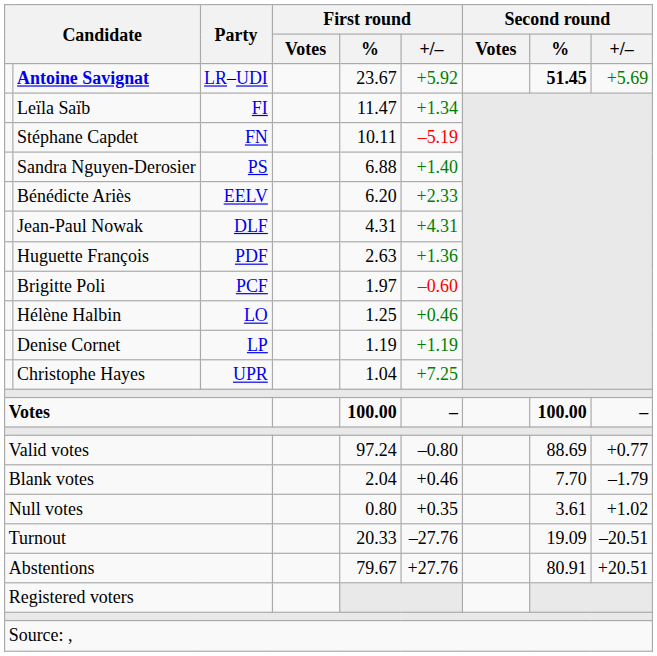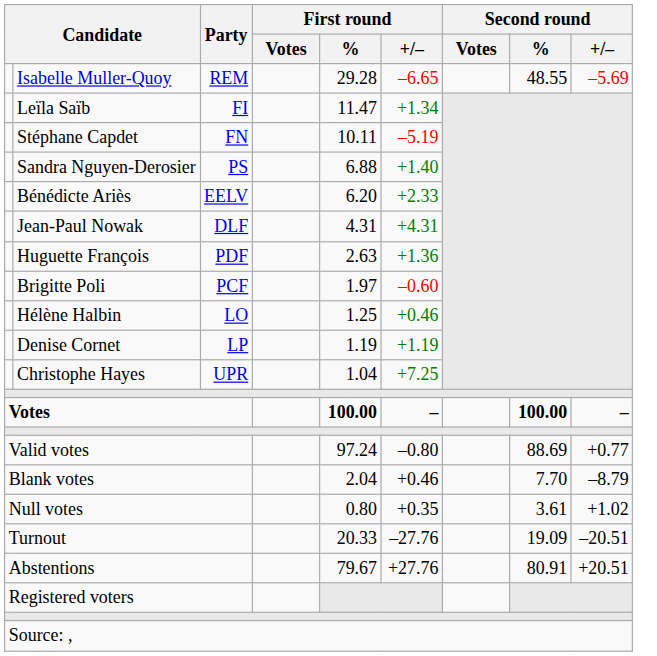 <table class="wikitable" style="text-align:right;font-size:95%;">
 <tr>
 <th rowspan="2" colspan="2">Candidate</th>
 <th rowspan="2">Party</th>
 <th colspan="3">First round</th>
 <th colspan="3">Second round</th>
 </tr>
 <tr>
 <th style="width:50px;">Votes</th>
 <th style="width:45px;">%</th>
 <th style="width:45px;">+/–</th>
 <th style="width:50px;">Votes</th>
 <th style="width:45px;">%</th>
 <th style="width:45px;">+/–</th>
 </tr>
 <tr>
 <td style="color:inherit;background:"></td>
-<td style="text-align:left;"><strong><a href='#'>Antoine Savignat</a></strong></td>
-<td><a href='#'>LR</a>–<a href='#'>UDI</a></td>
+<td style="text-align:left;"><a href='#'>Isabelle Muller-Quoy</a></td>
+<td><a href='#'>REM</a></td>
 <td></td>
-<td>23.67</td>
-<td style="color:green;">+5.92</td>
+<td>29.28</td>
+<td style="color:red;">–6.65</td>
 <td></td>
-<td><strong>51.45</strong></td>
-<td style="color:green;">+5.69</td>
+<td>48.55</td>
+<td style="color:red;">–5.69</td>
 </tr>
 <tr>
 <td style="color:inherit;background:"></td>
 <td style="text-align:left;">Leïla Saïb</td>
 <td><a href='#'>FI</a></td>
 <td></td>
 <td>11.47</td>
 <td style="color:green;">+1.34</td>
 <td colspan="3" rowspan="10" style="background:#E9E9E9;"></td>
 </tr>
 <tr>
 <td style="color:inherit;background:"></td>
 <td style="text-align:left;">Stéphane Capdet</td>
 <td><a href='#'>FN</a></td>
 <td></td>
 <td>10.11</td>
 <td style="color:red;">–5.19</td>
 </tr>
 <tr>
 <td style="color:inherit;background:"></td>
 <td style="text-align:left;">Sandra Nguyen-Derosier</td>
 <td><a href='#'>PS</a></td>
 <td></td>
 <td>6.88</td>
 <td style="color:green;">+1.40</td>
 </tr>
 <tr>
 <td style="color:inherit;background:"></td>
 <td style="text-align:left;">Bénédicte Ariès</td>
 <td><a href='#'>EELV</a></td>
 <td></td>
 <td>6.20</td>
 <td style="color:green;">+2.33</td>
 </tr>
 <tr>
 <td style="color:inherit;background:"></td>
 <td style="text-align:left;">Jean-Paul Nowak</td>
 <td><a href='#'>DLF</a></td>
 <td></td>
 <td>4.31</td>
 <td style="color:green;">+4.31</td>
 </tr>
 <tr>
 <td style="color:inherit;background:"></td>
 <td style="text-align:left;">Huguette François</td>
 <td><a href='#'>PDF</a></td>
 <td></td>
 <td>2.63</td>
 <td style="color:green;">+1.36</td>
 </tr>
 <tr>
 <td style="color:inherit;background:"></td>
 <td style="text-align:left;">Brigitte Poli</td>
 <td><a href='#'>PCF</a></td>
 <td></td>
 <td>1.97</td>
 <td style="color:red;">–0.60</td>
 </tr>
 <tr>
 <td style="color:inherit;background:"></td>
 <td style="text-align:left;">Hélène Halbin</td>
 <td><a href='#'>LO</a></td>
 <td></td>
 <td>1.25</td>
 <td style="color:green;">+0.46</td>
 </tr>
 <tr>
 <td style="color:inherit;background:"></td>
 <td style="text-align:left;">Denise Cornet</td>
 <td><a href='#'>LP</a></td>
 <td></td>
 <td>1.19</td>
 <td style="color:green;">+1.19</td>
 </tr>
 <tr>
 <td style="color:inherit;background:"></td>
 <td style="text-align:left;">Christophe Hayes</td>
 <td><a href='#'>UPR</a></td>
 <td></td>
 <td>1.04</td>
 <td style="color:green;">+7.25</td>
 </tr>
 <tr>
 <td colspan="9" style="background:#E9E9E9;"></td>
 </tr>
 <tr style="font-weight:bold;">
 <td colspan="3" style="text-align:left;">Votes</td>
 <td></td>
 <td>100.00</td>
 <td>–</td>
 <td></td>
 <td>100.00</td>
 <td>–</td>
 </tr>
 <tr>
 <td colspan="9" style="background:#E9E9E9;"></td>
 </tr>
 <tr>
 <td colspan="3" style="text-align:left;">Valid votes</td>
 <td></td>
 <td>97.24</td>
 <td>–0.80</td>
 <td></td>
 <td>88.69</td>
 <td>+0.77</td>
 </tr>
 <tr>
 <td colspan="3" style="text-align:left;">Blank votes</td>
 <td></td>
 <td>2.04</td>
 <td>+0.46</td>
 <td></td>
 <td>7.70</td>
-<td>–1.79</td>
+<td>–8.79</td>
 </tr>
 <tr>
 <td colspan="3" style="text-align:left;">Null votes</td>
 <td></td>
 <td>0.80</td>
 <td>+0.35</td>
 <td></td>
 <td>3.61</td>
 <td>+1.02</td>
 </tr>
 <tr>
 <td colspan="3" style="text-align:left;">Turnout</td>
 <td></td>
 <td>20.33</td>
 <td>–27.76</td>
 <td></td>
 <td>19.09</td>
 <td>–20.51</td>
 </tr>
 <tr>
 <td colspan="3" style="text-align:left;">Abstentions</td>
 <td></td>
 <td>79.67</td>
 <td>+27.76</td>
 <td></td>
 <td>80.91</td>
 <td>+20.51</td>
 </tr>
 <tr>
 <td colspan="3" style="text-align:left;">Registered voters</td>
 <td></td>
 <td colspan="2" style="background:#E9E9E9;"></td>
 <td></td>
 <td colspan="2" style="background:#E9E9E9;"></td>
 </tr>
 <tr>
 <td colspan="9" style="background:#E9E9E9;"></td>
 </tr>
 <tr>
 <td colspan="9" style="text-align:left;">Source: , </td>
 </tr>
 </table>
